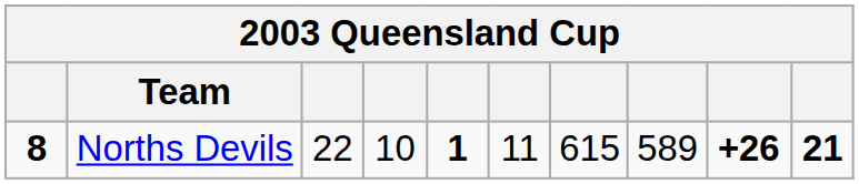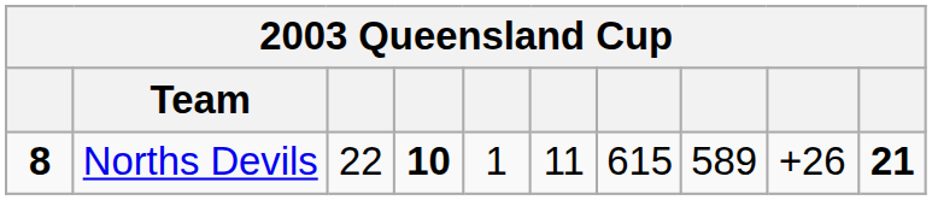 <table class="wikitable" style="text-align:center;">
 <tr>
 <th colspan="11">2003 Queensland Cup</th>
 </tr>
 <tr>
 <th width="20"></th>
 <th>Team</th>
 <th width="20"></th>
 <th width="20"></th>
 <th width="20"></th>
 <th width="20"></th>
 <th width="25"></th>
 <th width="25"></th>
 <th width="30"></th>
 <th width="20"></th>
 </tr>
 <tr style="background:">
 <td><strong>8</strong></td>
 <td style="text-align:left;"> <a href='#'>Norths Devils</a></td>
 <td>22</td>
-<td>10</td>
-<td><strong>1</strong></td>
+<td><strong>10</strong></td>
+<td>1</td>
 <td>11</td>
 <td>615</td>
 <td>589</td>
-<td><strong>+26</strong></td>
+<td>+26</td>
 <td><strong>21</strong></td>
 </tr>
 </table>
